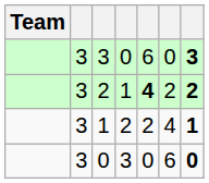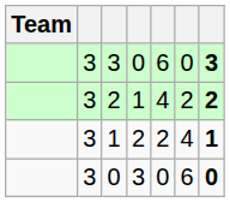 <table class=wikitable style="text-align:center">
 <tr>
 <th>Team</th>
 <th></th>
 <th></th>
 <th></th>
 <th></th>
 <th></th>
 <th></th>
 </tr>
 <tr bgcolor=ccffcc>
 <td style="text-align:left"></td>
 <td>3</td>
 <td>3</td>
 <td>0</td>
 <td>6</td>
 <td>0</td>
 <td><strong>3</strong></td>
 </tr>
 <tr bgcolor=ccffcc>
 <td style="text-align:left"></td>
 <td>3</td>
 <td>2</td>
 <td>1</td>
-<td><strong>4</strong></td>
+<td>4</td>
 <td>2</td>
 <td><strong>2</strong></td>
 </tr>
 <tr>
 <td style="text-align:left"></td>
 <td>3</td>
 <td>1</td>
 <td>2</td>
 <td>2</td>
 <td>4</td>
 <td><strong>1</strong></td>
 </tr>
 <tr>
 <td style="text-align:left"></td>
 <td>3</td>
 <td>0</td>
 <td>3</td>
 <td>0</td>
 <td>6</td>
 <td><strong>0</strong></td>
 </tr>
 </table>
